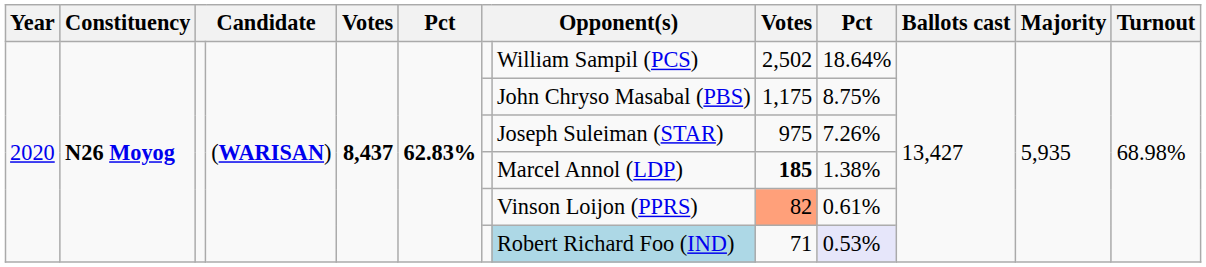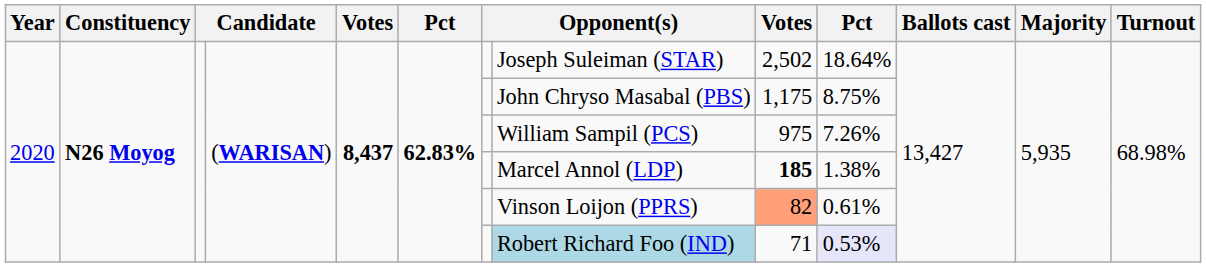 <table class="wikitable" style="margin:0.5em ; font-size:95%">
 <tr>
 <th>Year</th>
 <th>Constituency</th>
 <th colspan=2>Candidate</th>
 <th>Votes</th>
 <th>Pct</th>
 <th colspan=2>Opponent(s)</th>
 <th>Votes</th>
 <th>Pct</th>
 <th>Ballots cast</th>
 <th>Majority</th>
 <th>Turnout</th>
 </tr>
 <tr>
 <td rowspan=6><a href='#'>2020</a></td>
 <td rowspan=6><strong>N26 <a href='#'>Moyog</a></strong></td>
 <td rowspan=6 ></td>
 <td rowspan=6> (<a href='#'><strong>WARISAN</strong></a>)</td>
 <td rowspan=6 align="right"><strong>8,437</strong></td>
 <td rowspan=6><strong>62.83%</strong></td>
 <td></td>
-<td>William Sampil (<a href='#'>PCS</a>)</td>
+<td>Joseph Suleiman (<a href='#'>STAR</a>)</td>
 <td align="right">2,502</td>
 <td>18.64%</td>
 <td rowspan=6>13,427</td>
 <td rowspan=6>5,935</td>
 <td rowspan=6>68.98%</td>
 </tr>
 <tr>
 <td></td>
 <td>John Chryso Masabal (<a href='#'>PBS</a>)</td>
 <td align="right">1,175</td>
 <td>8.75%</td>
 </tr>
 <tr>
 <td></td>
-<td>Joseph Suleiman (<a href='#'>STAR</a>)</td>
+<td>William Sampil (<a href='#'>PCS</a>)</td>
 <td align="right">975</td>
 <td>7.26%</td>
 </tr>
 <tr>
 <td></td>
 <td>Marcel Annol (<a href='#'>LDP</a>)</td>
 <td align="right"><strong>185</strong></td>
 <td>1.38%</td>
 </tr>
 <tr>
 <td></td>
 <td>Vinson Loijon (<a href='#'>PPRS</a>)</td>
 <td align="right" style="background: lightsalmon;">82</td>
 <td>0.61%</td>
 </tr>
 <tr>
 <td></td>
 <td style="background: lightblue;">Robert Richard Foo (<a href='#'>IND</a>)</td>
 <td align="right">71</td>
 <td style="background: lavender;">0.53%</td>
 </tr>
 </table>
